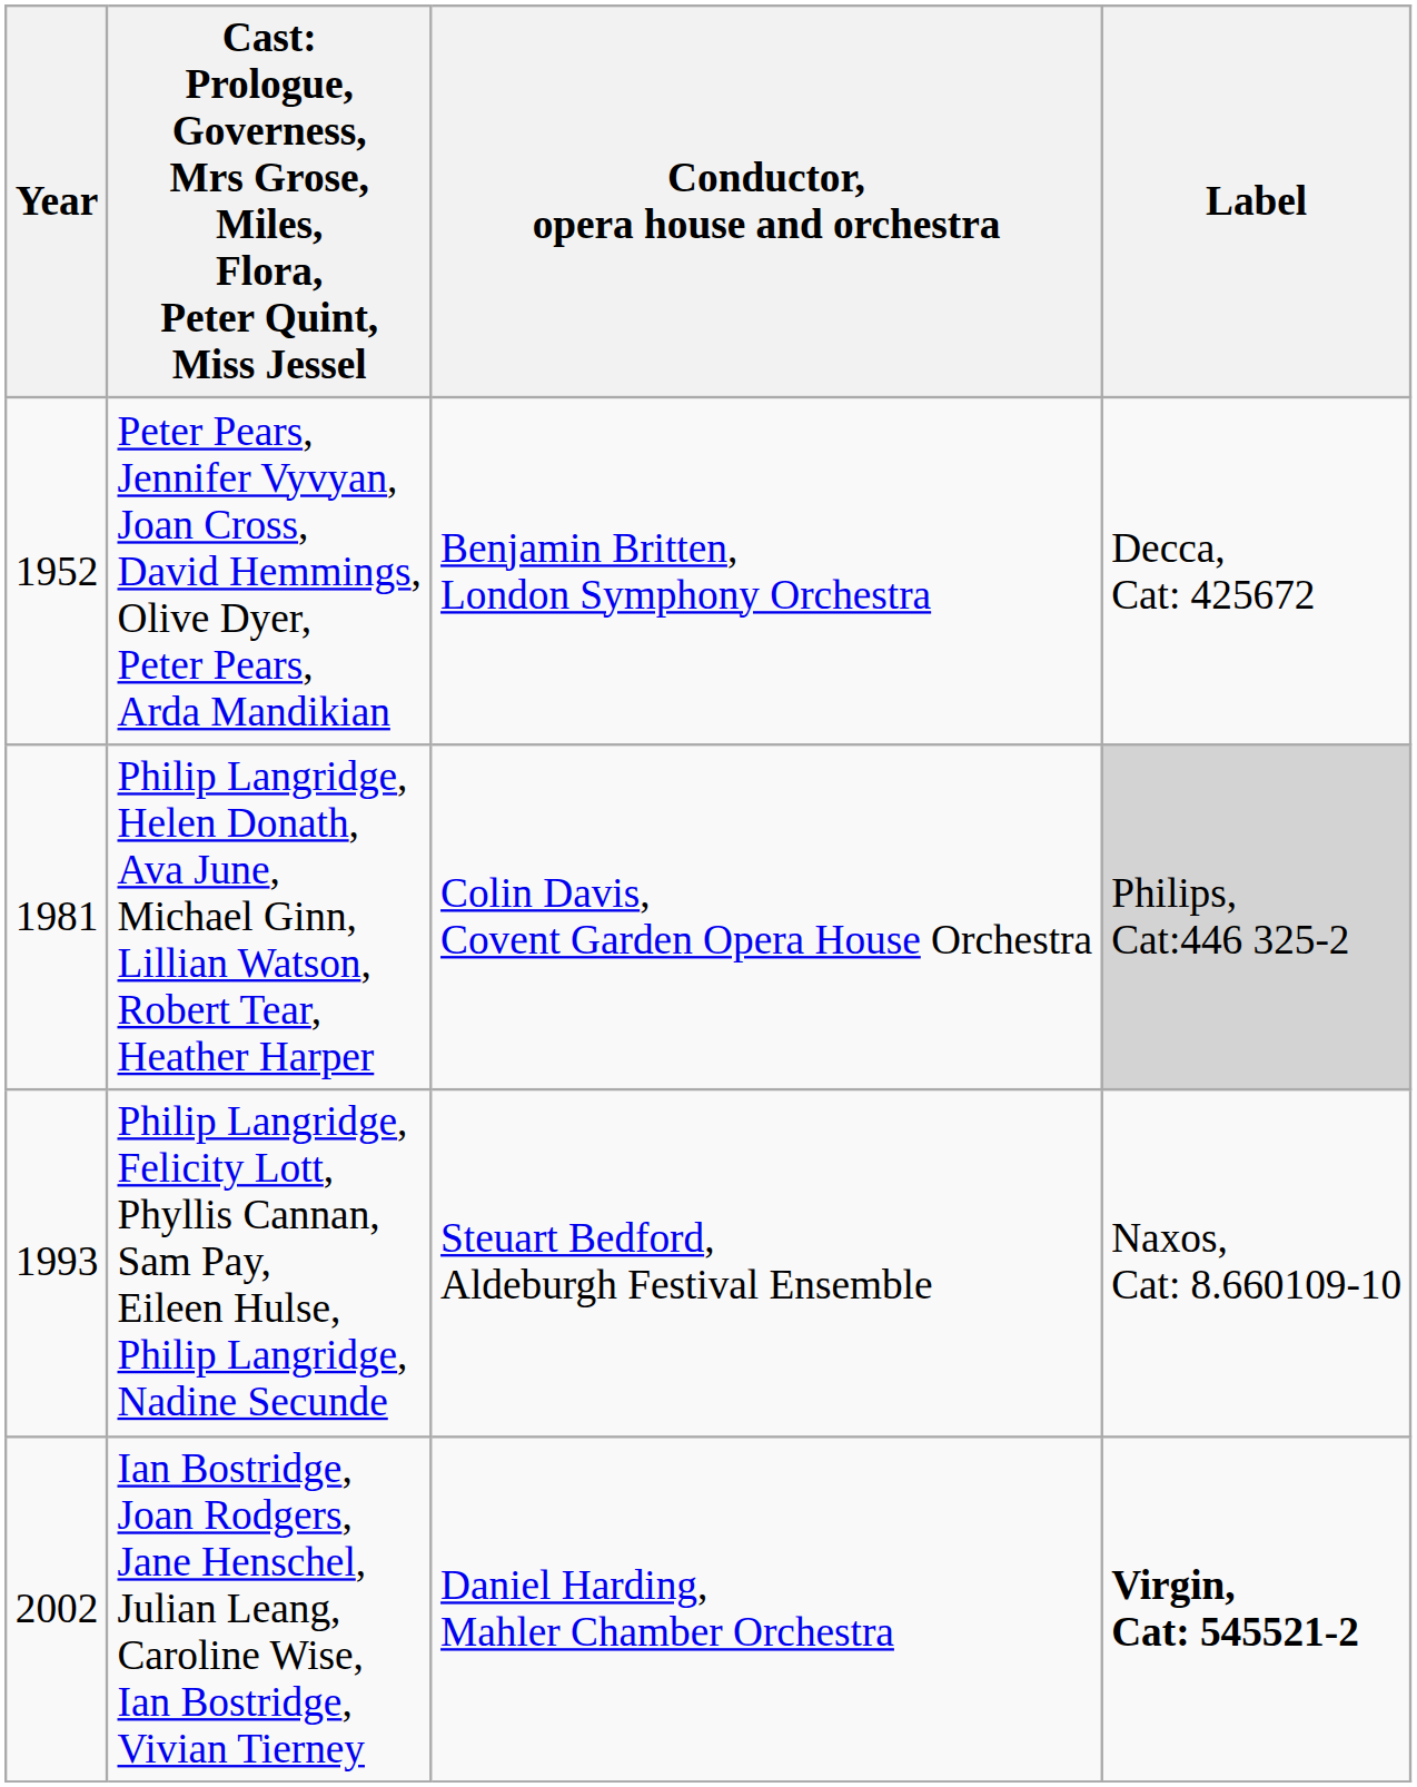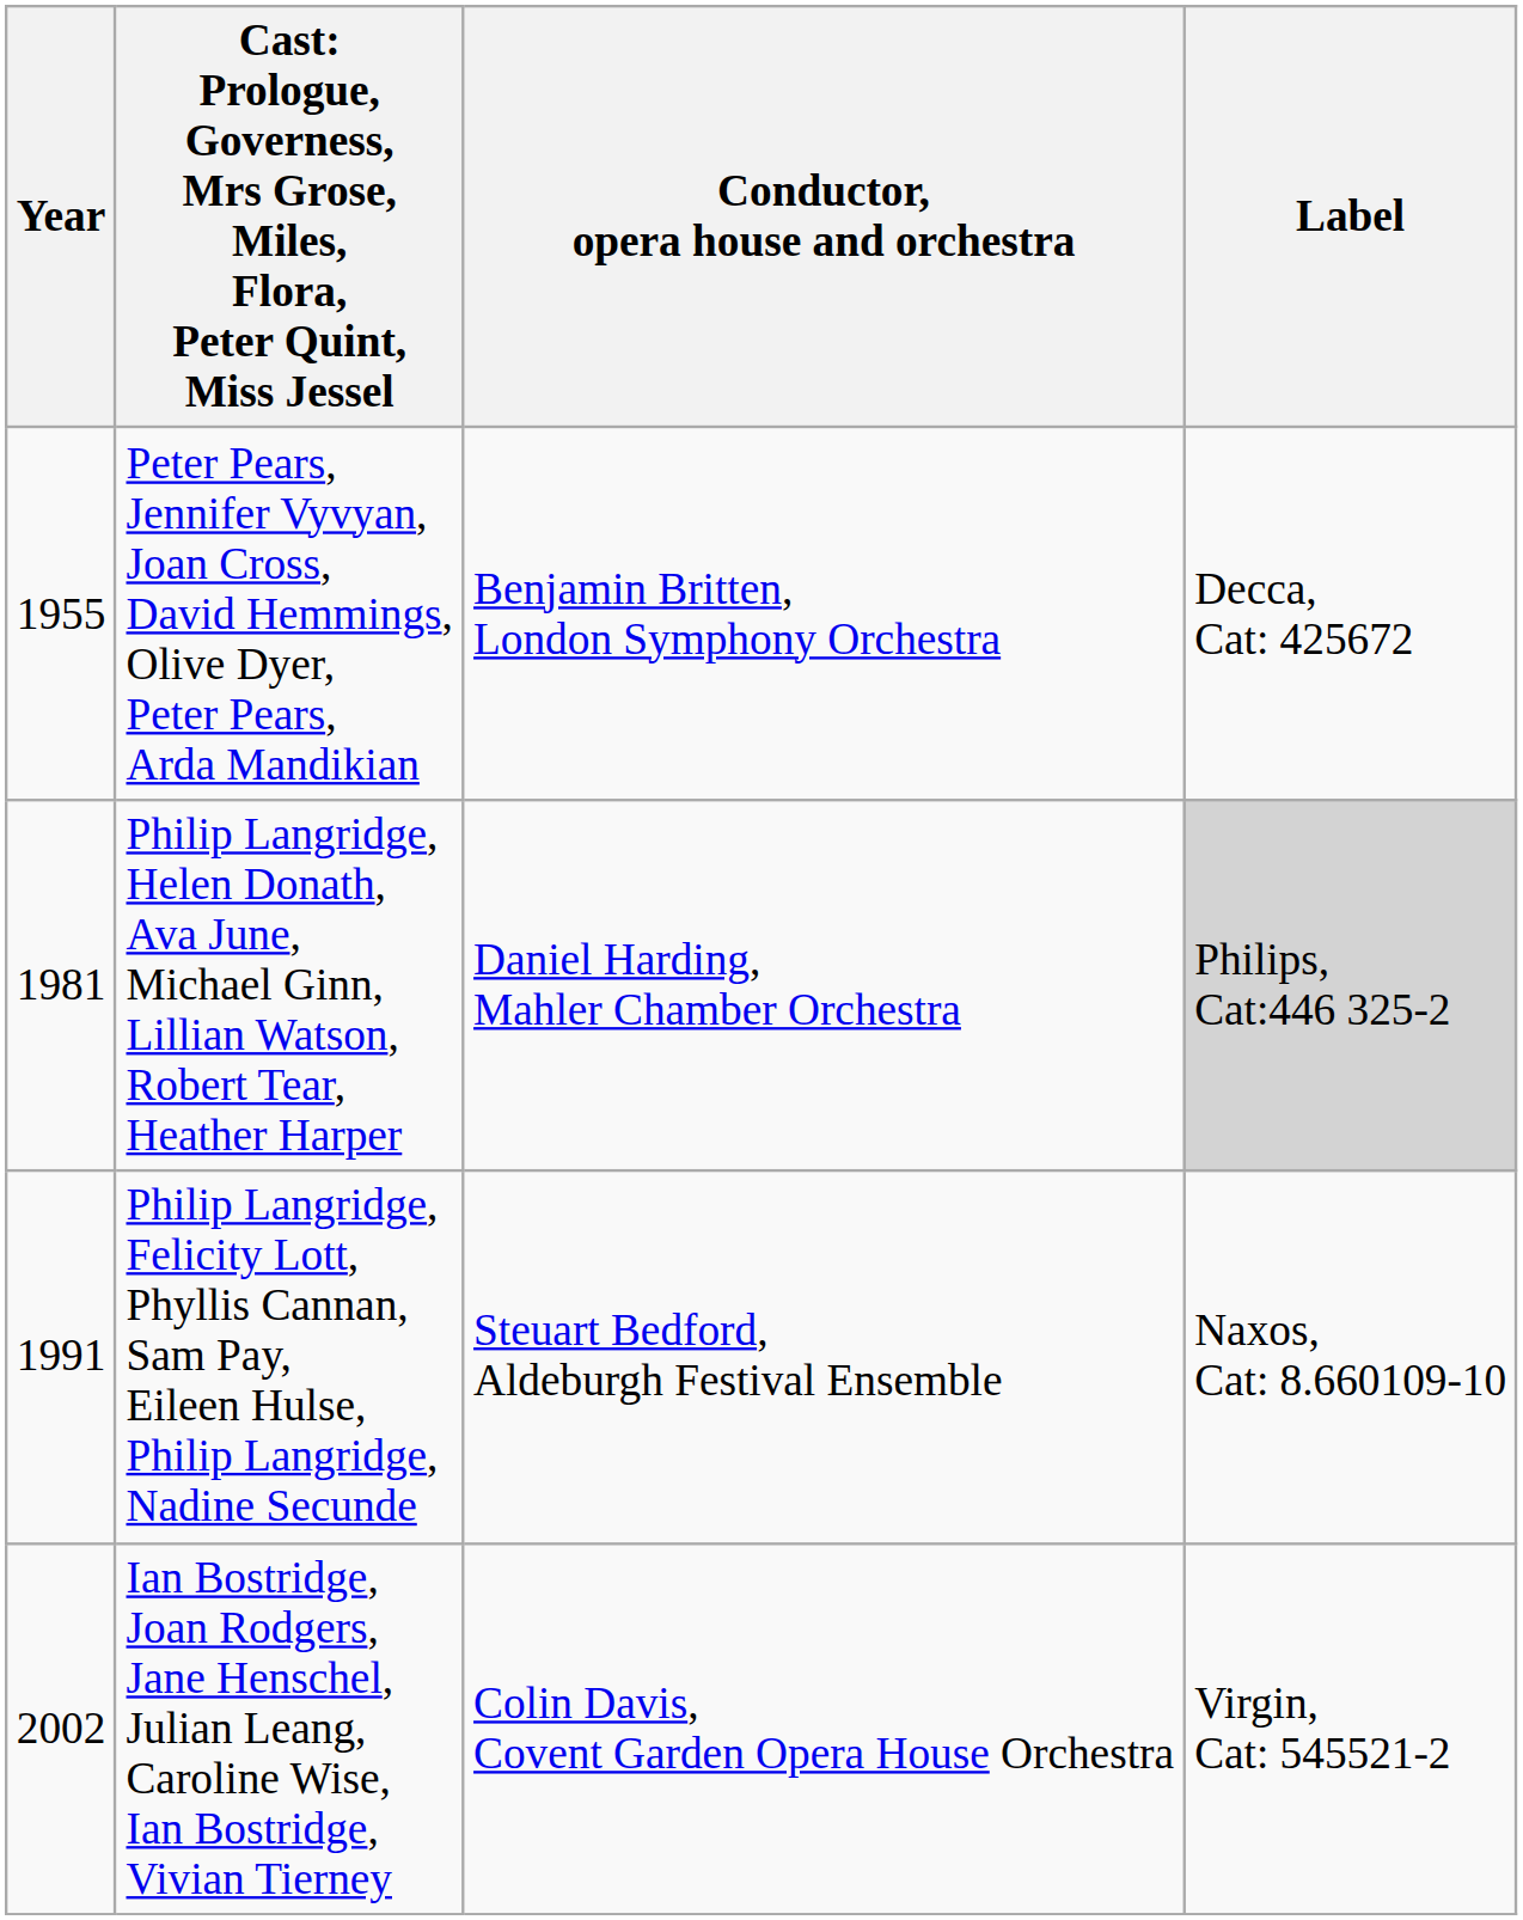 <table class="wikitable">
 <tr>
 <th>Year</th>
 <th>Cast:<br>Prologue,<br>Governess,<br>Mrs Grose,<br>Miles,<br>Flora,<br>Peter Quint,<br>Miss Jessel</th>
 <th>Conductor,<br>opera house and orchestra</th>
 <th>Label</th>
 </tr>
 <tr>
-<td>1952</td>
+<td>1955</td>
 <td><a href='#'>Peter Pears</a>,<br><a href='#'>Jennifer Vyvyan</a>,<br><a href='#'>Joan Cross</a>,<br><a href='#'>David Hemmings</a>,<br>Olive Dyer,<br><a href='#'>Peter Pears</a>,<br><a href='#'>Arda Mandikian</a></td>
 <td><a href='#'>Benjamin Britten</a>,<br><a href='#'>London Symphony Orchestra</a></td>
 <td>Decca,<br>Cat: 425672</td>
 </tr>
 <tr>
 <td>1981</td>
 <td><a href='#'>Philip Langridge</a>,<br><a href='#'>Helen Donath</a>,<br><a href='#'>Ava June</a>,<br>Michael Ginn,<br><a href='#'>Lillian Watson</a>,<br><a href='#'>Robert Tear</a>,<br><a href='#'>Heather Harper</a></td>
-<td><a href='#'>Colin Davis</a>,<br><a href='#'>Covent Garden Opera House</a> Orchestra</td>
+<td><a href='#'>Daniel Harding</a>,<br><a href='#'>Mahler Chamber Orchestra</a></td>
 <td style="background: lightgrey;">Philips,<br>Cat:446 325-2</td>
 </tr>
 <tr>
-<td>1993</td>
+<td>1991</td>
 <td><a href='#'>Philip Langridge</a>,<br><a href='#'>Felicity Lott</a>,<br>Phyllis Cannan,<br>Sam Pay,<br>Eileen Hulse,<br><a href='#'>Philip Langridge</a>,<br><a href='#'>Nadine Secunde</a></td>
 <td><a href='#'>Steuart Bedford</a>,<br>Aldeburgh Festival Ensemble</td>
 <td>Naxos,<br>Cat: 8.660109-10</td>
 </tr>
 <tr>
 <td>2002</td>
 <td><a href='#'>Ian Bostridge</a>,<br><a href='#'>Joan Rodgers</a>,<br><a href='#'>Jane Henschel</a>,<br>Julian Leang,<br>Caroline Wise,<br><a href='#'>Ian Bostridge</a>,<br><a href='#'>Vivian Tierney</a></td>
-<td><a href='#'>Daniel Harding</a>,<br><a href='#'>Mahler Chamber Orchestra</a></td>
-<td><strong>Virgin,<br>Cat: 545521-2</strong></td>
+<td><a href='#'>Colin Davis</a>,<br><a href='#'>Covent Garden Opera House</a> Orchestra</td>
+<td>Virgin,<br>Cat: 545521-2</td>
 </tr>
 </table>
